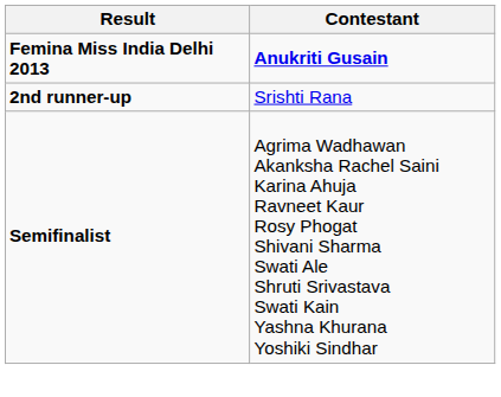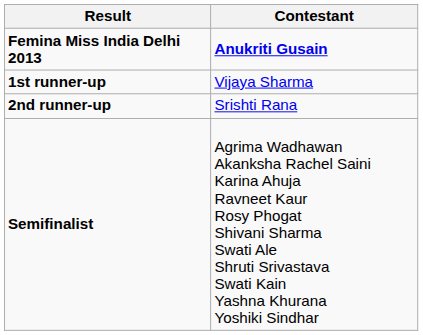 <table class="wikitable">
 <tr>
 <th width=210>Result</th>
 <th width=210>Contestant</th>
 </tr>
 <tr>
 <td><strong>Femina Miss India Delhi 2013</strong></td>
 <td><strong> <a href='#'>Anukriti Gusain</a> </strong></td>
 </tr>
 <tr>
+<td><strong>1st runner-up</strong></td>
+<td><a href='#'>Vijaya Sharma</a></td>
+</tr>
+<tr>
 <td><strong>2nd runner-up</strong></td>
 <td><a href='#'>Srishti Rana</a></td>
 </tr>
 <tr>
 <td><strong>Semifinalist</strong></td>
 <td><br>Agrima Wadhawan<br> Akanksha Rachel Saini<br> Karina Ahuja<br> Ravneet Kaur<br> Rosy Phogat<br> Shivani Sharma<br> Swati Ale<br> Shruti Srivastava<br> Swati Kain<br> Yashna Khurana<br> Yoshiki Sindhar<br></td>
 </tr>
 </table>
